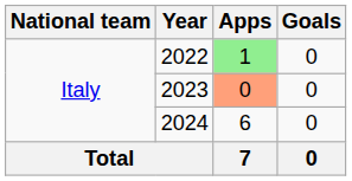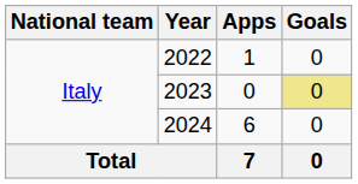 <table class="wikitable" style="text-align:center">
 <tr>
 <th>National team</th>
 <th>Year</th>
 <th>Apps</th>
 <th>Goals</th>
 </tr>
 <tr>
 <td rowspan="3"><a href='#'>Italy</a></td>
 <td>2022</td>
-<td style="background: lightgreen;">1</td>
+<td>1</td>
 <td>0</td>
 </tr>
 <tr>
 <td>2023</td>
-<td style="background: lightsalmon;">0</td>
 <td>0</td>
+<td style="background: khaki;">0</td>
 </tr>
 <tr>
 <td>2024</td>
 <td>6</td>
 <td>0</td>
 </tr>
 <tr>
 <th colspan="2">Total</th>
 <th>7</th>
 <th>0</th>
 </tr>
 </table>
